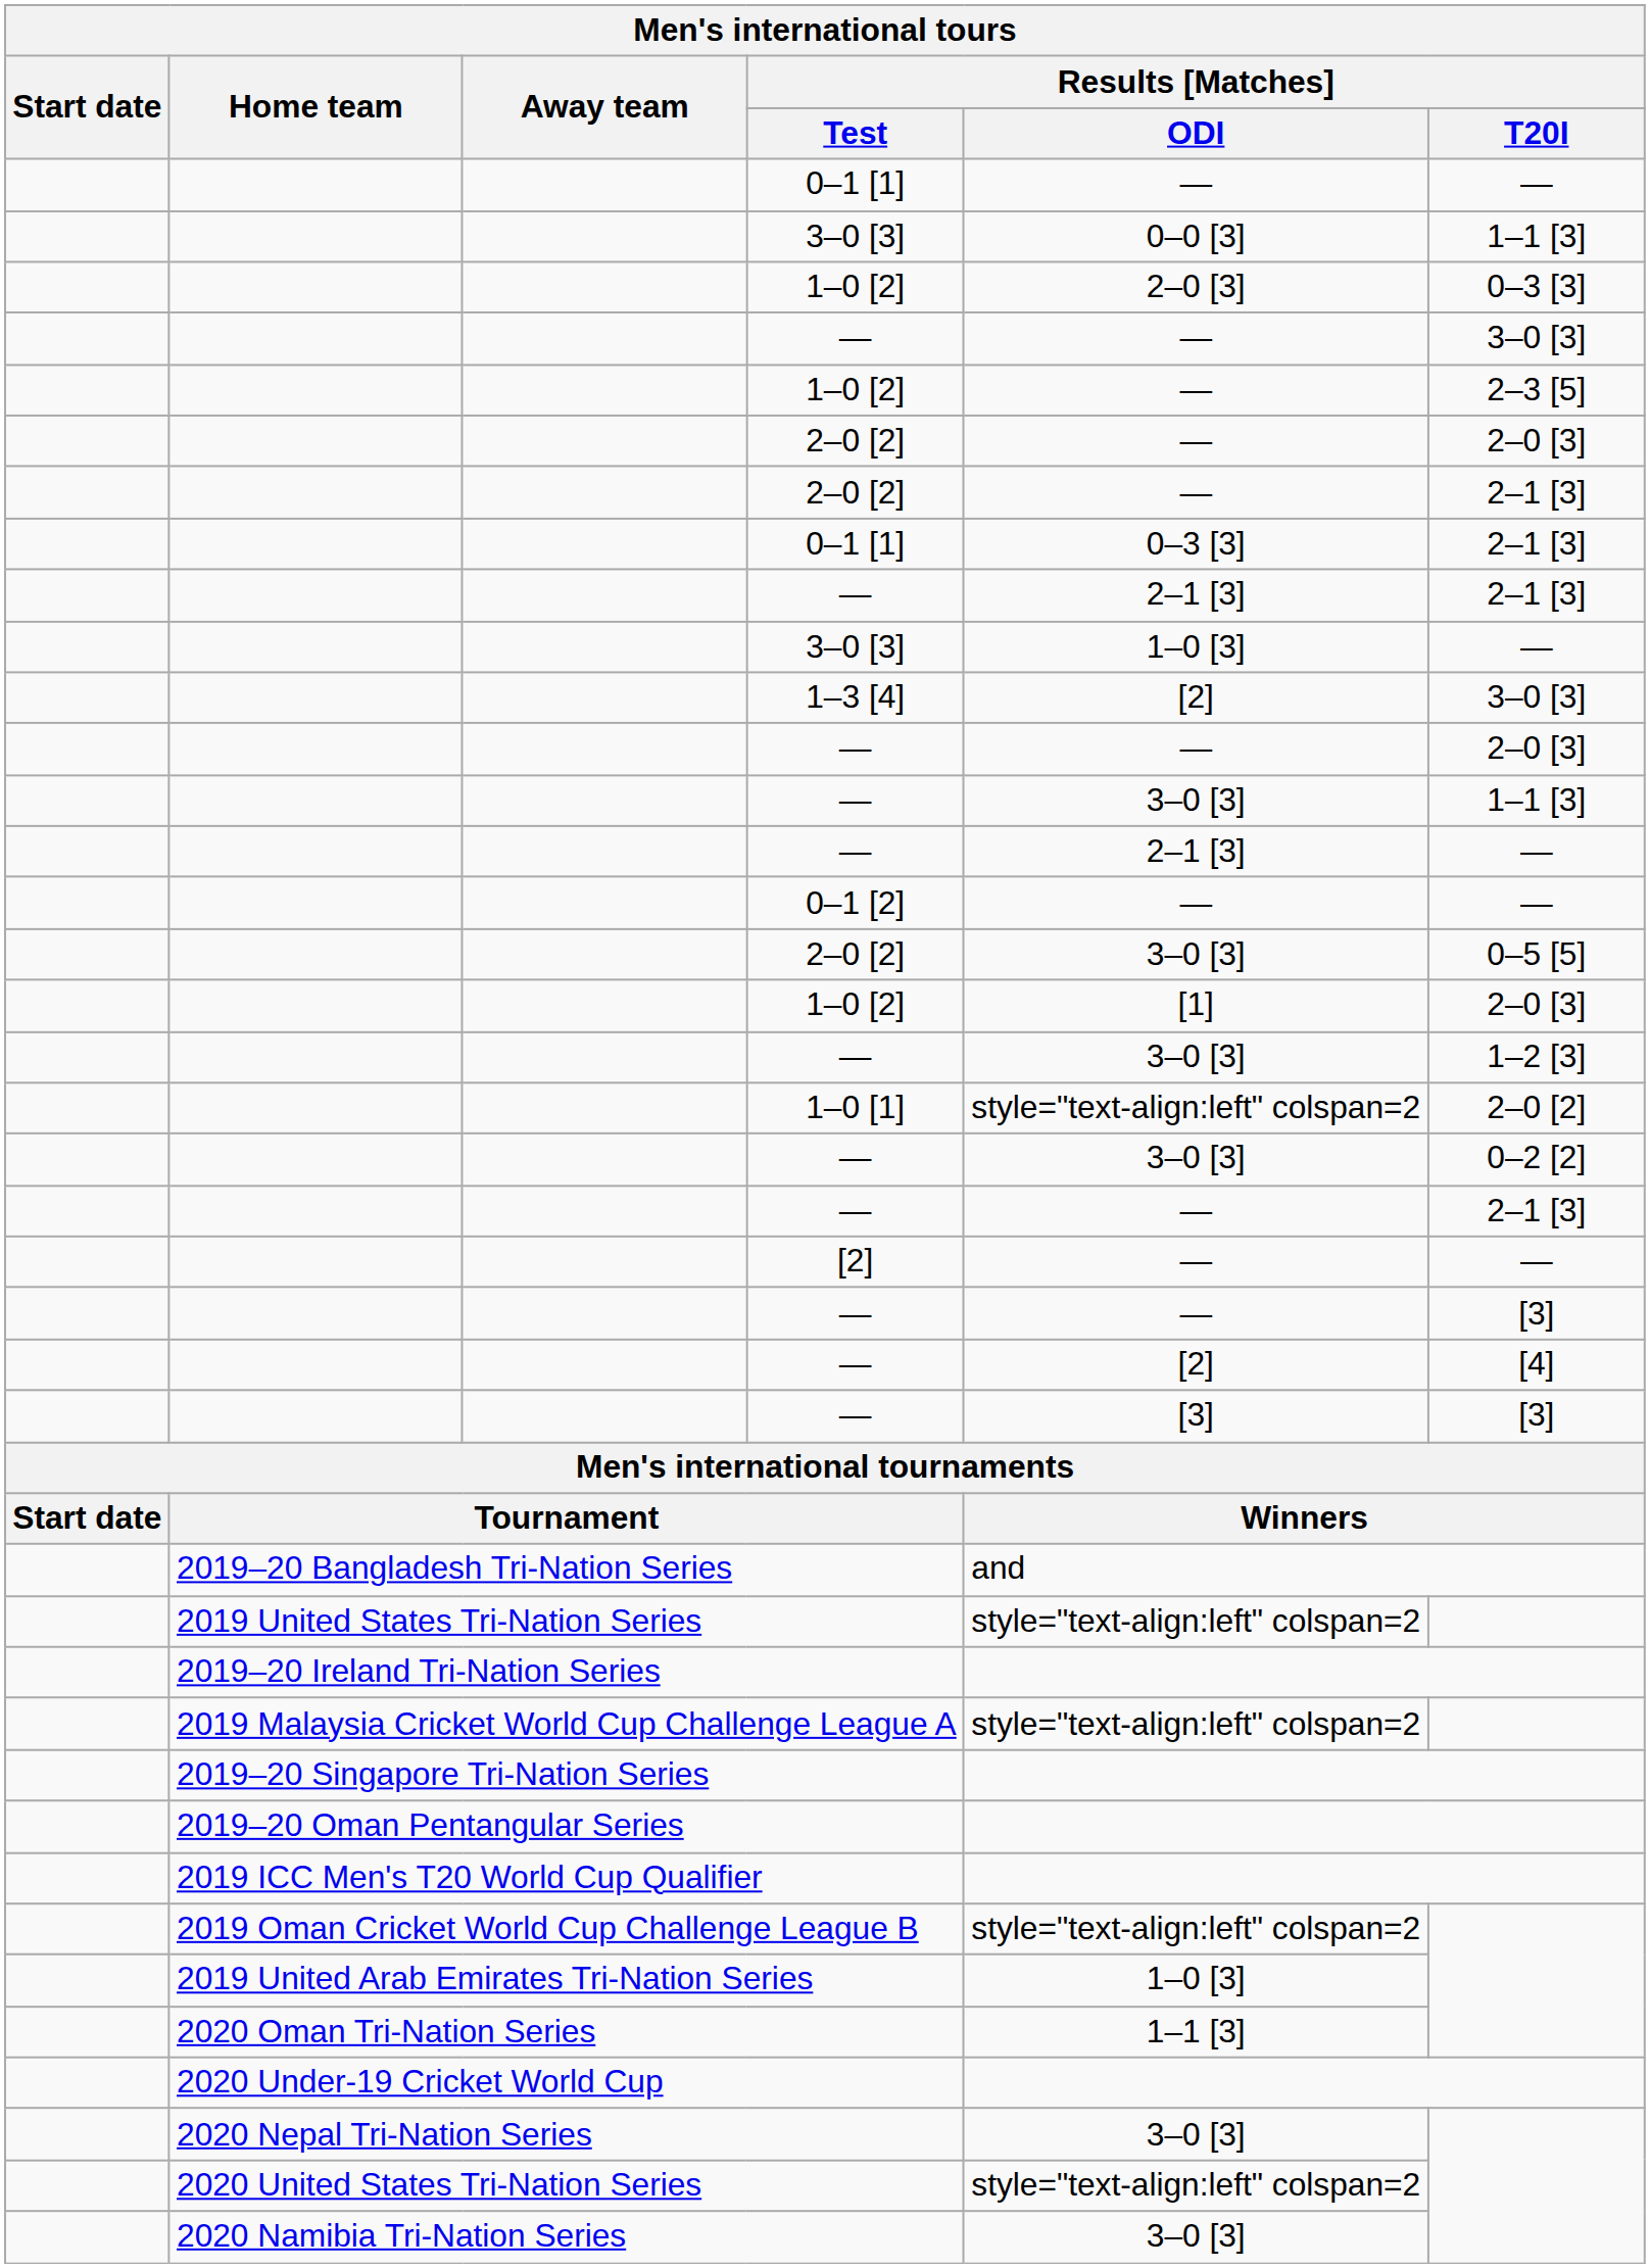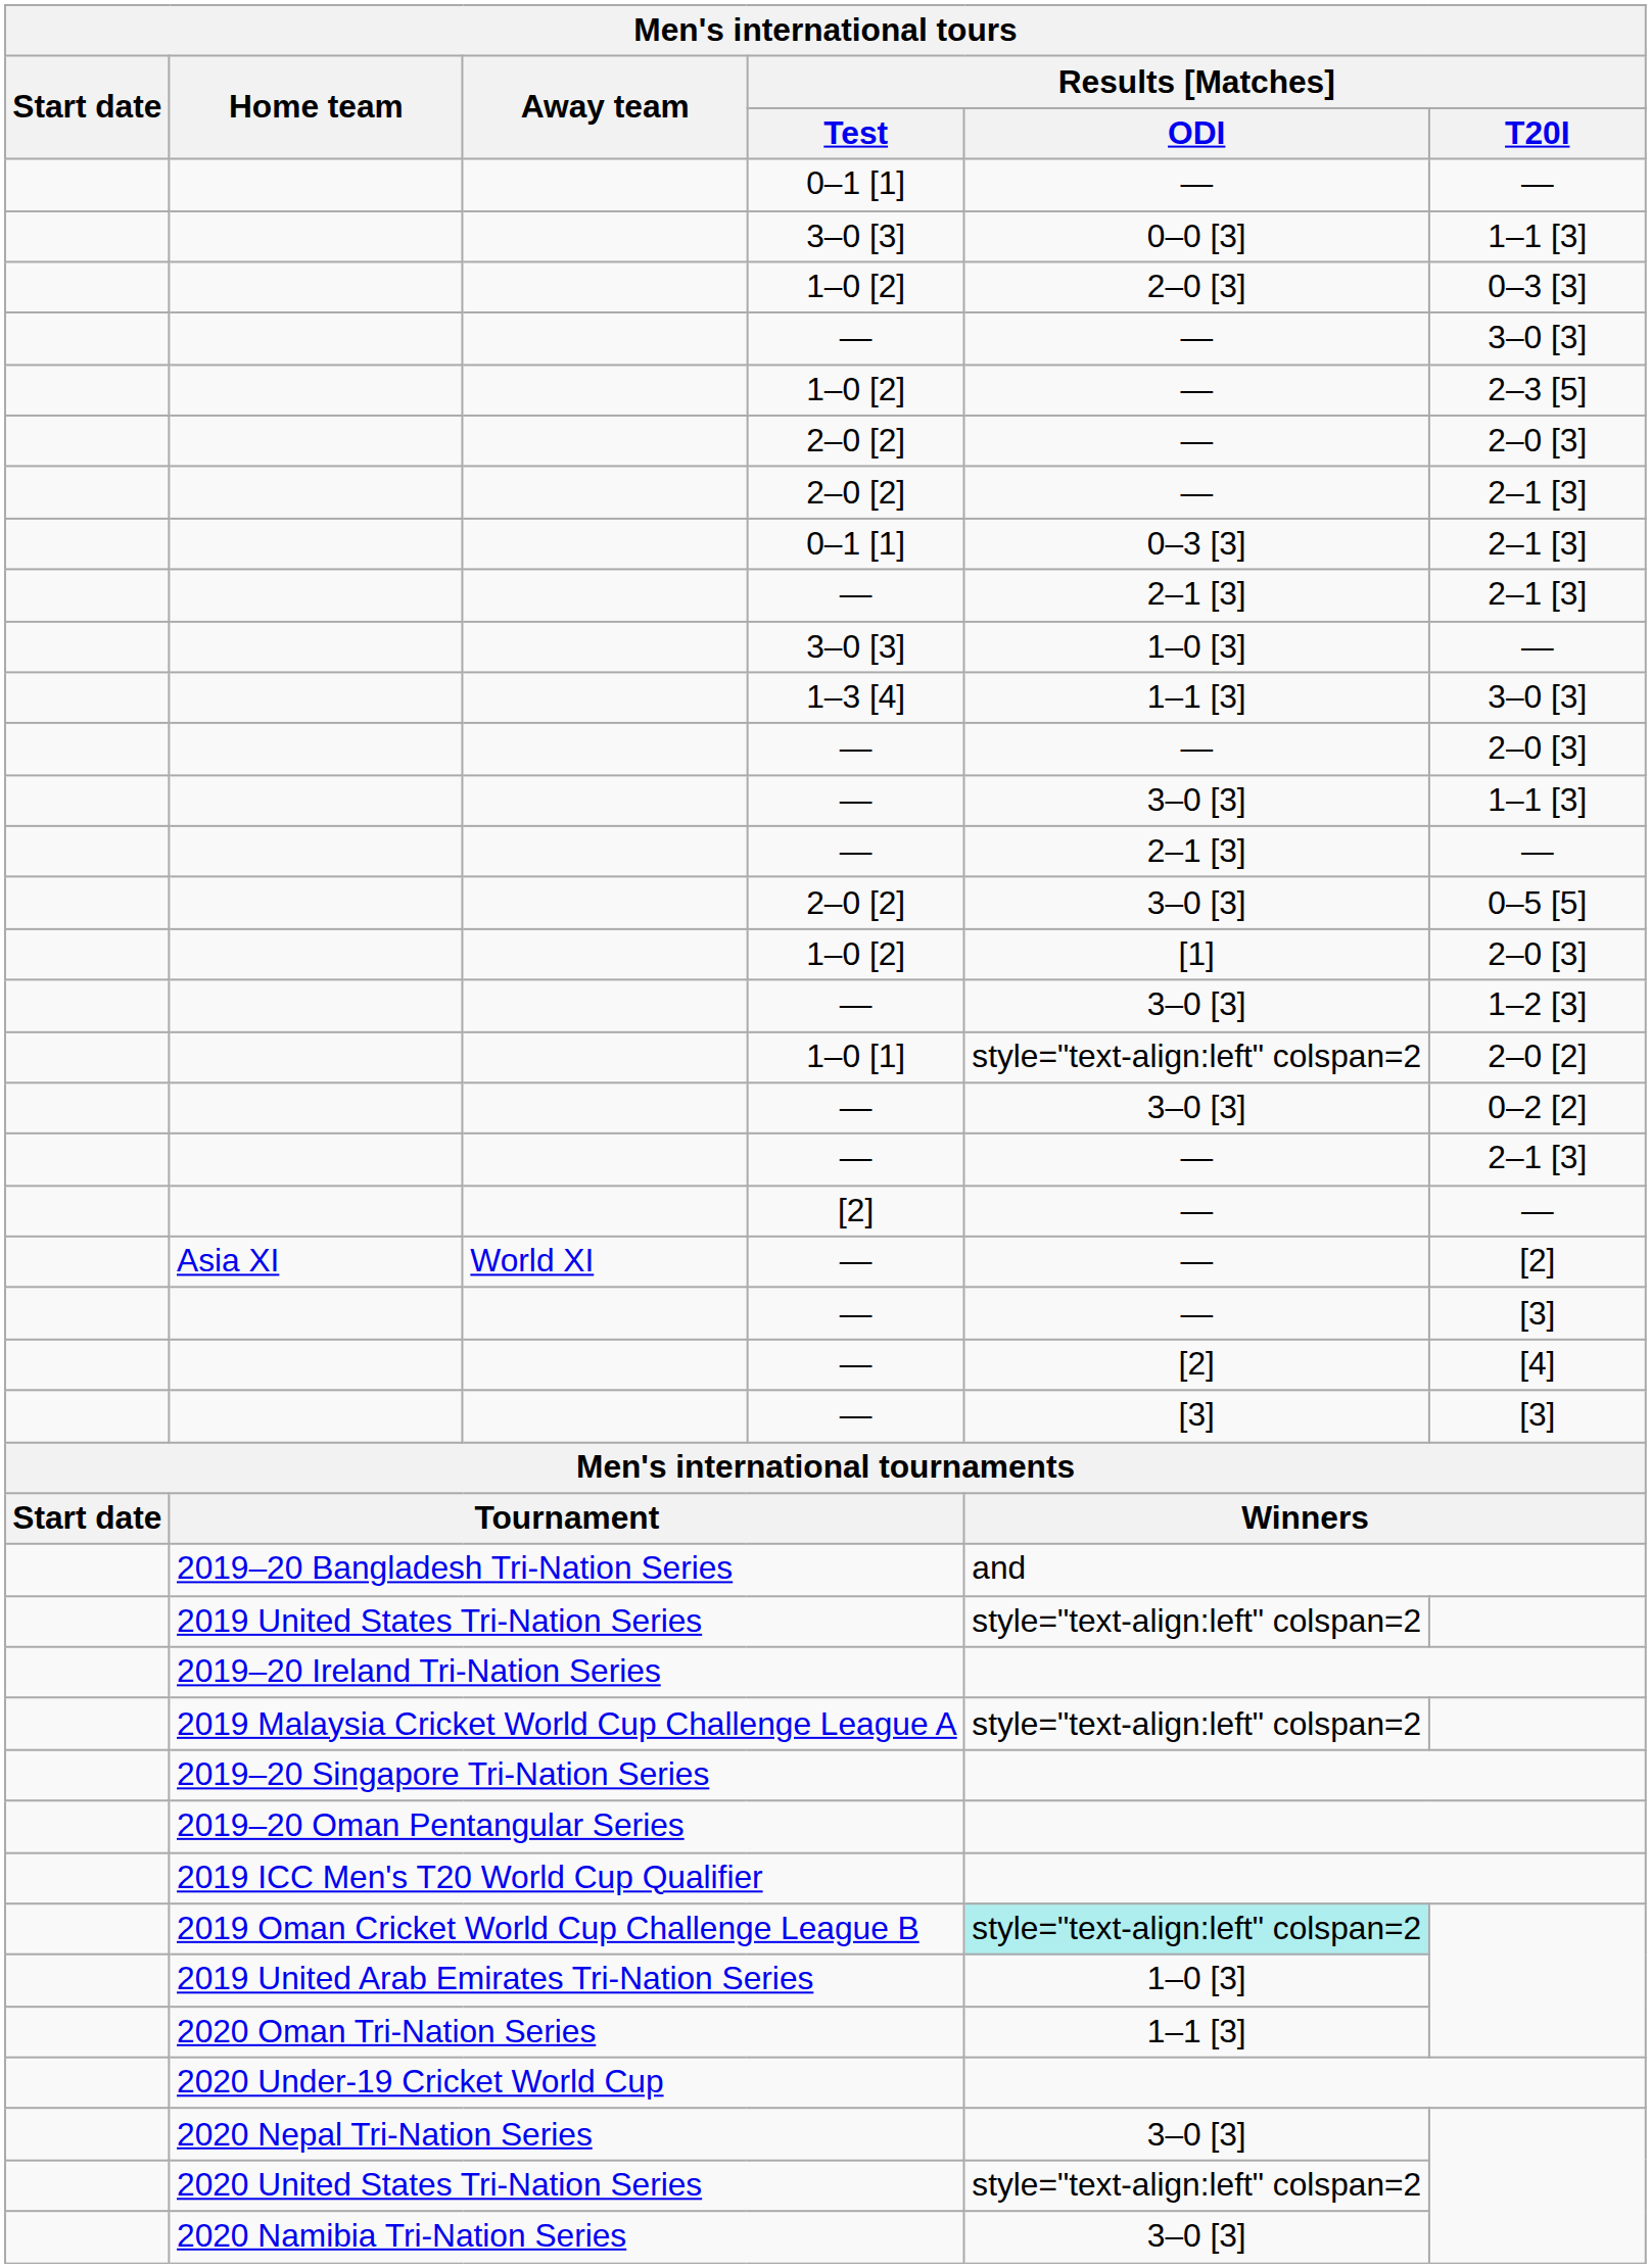 <table class="wikitable ubsortable" style="text-align:center; white-space:nowrap">
 <tr>
 <th colspan="6">Men's international tours</th>
 </tr>
 <tr>
 <th rowspan=2>Start date</th>
 <th rowspan=2>Home team</th>
 <th rowspan=2>Away team</th>
 <th colspan="3">Results [Matches]</th>
 </tr>
 <tr>
 <th width=100><a href='#'>Test</a></th>
 <th width=100><a href='#'>ODI</a></th>
 <th width=100><a href='#'>T20I</a></th>
 </tr>
 <tr>
 <td style="text-align:left"><a href='#'></a></td>
 <td style="text-align:left"></td>
 <td style="text-align:left"></td>
 <td>0–1 [1]</td>
 <td>—</td>
 <td>—</td>
 </tr>
 <tr>
 <td style="text-align:left"><a href='#'></a></td>
 <td style="text-align:left"></td>
 <td style="text-align:left"></td>
 <td>3–0 [3]</td>
 <td>0–0 [3]</td>
 <td>1–1 [3]</td>
 </tr>
 <tr>
 <td style="text-align:left"><a href='#'></a></td>
 <td style="text-align:left"></td>
 <td style="text-align:left"></td>
 <td>1–0 [2]</td>
 <td>2–0 [3]</td>
 <td>0–3 [3]</td>
 </tr>
 <tr>
 <td style="text-align:left"><a href='#'></a></td>
 <td style="text-align:left"></td>
 <td style="text-align:left"></td>
 <td>—</td>
 <td>—</td>
 <td>3–0 [3]</td>
 </tr>
 <tr>
 <td style="text-align:left"><a href='#'></a></td>
 <td style="text-align:left"></td>
 <td style="text-align:left"></td>
 <td>1–0 [2]</td>
 <td>—</td>
 <td>2–3 [5]</td>
 </tr>
 <tr>
 <td style="text-align:left"><a href='#'></a></td>
 <td style="text-align:left"></td>
 <td style="text-align:left"></td>
 <td>2–0 [2]</td>
 <td>—</td>
 <td>2–0 [3]</td>
 </tr>
 <tr>
 <td style="text-align:left"><a href='#'></a></td>
 <td style="text-align:left"></td>
 <td style="text-align:left"></td>
 <td>2–0 [2]</td>
 <td>—</td>
 <td>2–1 [3]</td>
 </tr>
 <tr>
 <td style="text-align:left"><a href='#'></a></td>
 <td style="text-align:left"> </td>
 <td style="text-align:left"></td>
 <td>0–1 [1]</td>
 <td>0–3 [3]</td>
 <td>2–1 [3]</td>
 </tr>
 <tr>
 <td style="text-align:left"><a href='#'></a></td>
 <td style="text-align:left"></td>
 <td style="text-align:left"></td>
 <td>—</td>
 <td>2–1 [3]</td>
 <td>2–1 [3]</td>
 </tr>
 <tr>
 <td style="text-align:left"><a href='#'></a></td>
 <td style="text-align:left"></td>
 <td style="text-align:left"></td>
 <td>3–0 [3]</td>
 <td>1–0 [3]</td>
 <td>—</td>
 </tr>
 <tr>
 <td style="text-align:left"><a href='#'></a></td>
 <td style="text-align:left"></td>
 <td style="text-align:left"></td>
 <td>1–3 [4]</td>
-<td>[2]</td>
+<td>1–1 [3]</td>
 <td>3–0 [3]</td>
 </tr>
 <tr>
 <td style="text-align:left"><a href='#'></a></td>
 <td style="text-align:left"></td>
 <td style="text-align:left"></td>
 <td>—</td>
 <td>—</td>
 <td>2–0 [3]</td>
 </tr>
 <tr>
 <td style="text-align:left"><a href='#'></a></td>
 <td style="text-align:left"></td>
 <td style="text-align:left"></td>
 <td>—</td>
 <td>3–0 [3]</td>
 <td>1–1 [3]</td>
 </tr>
 <tr>
 <td style="text-align:left"><a href='#'></a></td>
 <td style="text-align:left"></td>
 <td style="text-align:left"></td>
 <td>—</td>
 <td>2–1 [3]</td>
-<td>—</td>
-</tr>
-<tr>
-<td style="text-align:left"><a href='#'></a></td>
-<td style="text-align:left"></td>
-<td style="text-align:left"></td>
-<td>0–1 [2]</td>
-<td>—</td>
 <td>—</td>
 </tr>
 <tr>
 <td style="text-align:left"><a href='#'></a></td>
 <td style="text-align:left"></td>
 <td style="text-align:left"></td>
 <td>2–0 [2]</td>
 <td>3–0 [3]</td>
 <td>0–5 [5]</td>
 </tr>
 <tr>
 <td style="text-align:left"><a href='#'></a></td>
 <td style="text-align:left"></td>
 <td style="text-align:left"></td>
 <td>1–0 [2]</td>
 <td>[1]</td>
 <td>2–0 [3]</td>
 </tr>
 <tr>
 <td style="text-align:left"><a href='#'></a></td>
 <td style="text-align:left"></td>
 <td style="text-align:left"></td>
 <td>—</td>
 <td>3–0 [3]</td>
 <td>1–2 [3]</td>
 </tr>
 <tr>
 <td style="text-align:left"><a href='#'></a></td>
 <td style="text-align:left"></td>
 <td style="text-align:left"></td>
 <td>1–0 [1]</td>
 <td>style="text-align:left" colspan=2 </td>
 <td>2–0 [2]</td>
 </tr>
 <tr>
 <td style="text-align:left"><a href='#'></a></td>
 <td style="text-align:left"></td>
 <td style="text-align:left"></td>
 <td>—</td>
 <td>3–0 [3]</td>
 <td>0–2 [2]</td>
 </tr>
 <tr>
 <td style="text-align:left"><a href='#'></a></td>
 <td style="text-align:left"> </td>
 <td style="text-align:left"></td>
 <td>—</td>
 <td>—</td>
 <td>2–1 [3]</td>
 </tr>
 <tr>
 <td style="text-align:left"><a href='#'></a></td>
 <td style="text-align:left"></td>
 <td style="text-align:left"></td>
 <td>[2]</td>
 <td>—</td>
 <td>—</td>
+</tr>
+<tr>
+<td style="text-align:left"><a href='#'></a></td>
+<td style="text-align:left"><span><a href='#'>Asia XI</a></span></td>
+<td style="text-align:left"><a href='#'>World XI</a></td>
+<td>—</td>
+<td>—</td>
+<td>[2]</td>
 </tr>
 <tr>
 <td style="text-align:left"><a href='#'></a></td>
 <td style="text-align:left"></td>
 <td style="text-align:left"></td>
 <td>—</td>
 <td>—</td>
 <td>[3]</td>
 </tr>
 <tr>
 <td style="text-align:left"><a href='#'></a></td>
 <td style="text-align:left"></td>
 <td style="text-align:left"></td>
 <td>—</td>
 <td>[2]</td>
 <td>[4]</td>
 </tr>
 <tr>
 <td style="text-align:left"><a href='#'></a></td>
 <td style="text-align:left"></td>
 <td style="text-align:left"></td>
 <td>—</td>
 <td>[3]</td>
 <td>[3]</td>
 </tr>
 <tr>
 <th colspan="6">Men's international tournaments</th>
 </tr>
 <tr>
 <th>Start date</th>
 <th colspan=3>Tournament</th>
 <th colspan=2>Winners</th>
 </tr>
 <tr>
 <td style="text-align:left"><a href='#'></a></td>
 <td style="text-align:left" colspan=3> <a href='#'>2019–20 Bangladesh Tri-Nation Series</a></td>
 <td style="text-align:left" colspan=2> and </td>
 </tr>
 <tr>
 <td style="text-align:left"><a href='#'></a></td>
 <td style="text-align:left" colspan=3> <a href='#'>2019 United States Tri-Nation Series</a></td>
 <td>style="text-align:left" colspan=2 </td>
 </tr>
 <tr>
 <td style="text-align:left"><a href='#'></a></td>
 <td style="text-align:left" colspan=3> <a href='#'>2019–20 Ireland Tri-Nation Series</a></td>
 <td style="text-align:left" colspan=2></td>
 </tr>
 <tr>
 <td style="text-align:left"><a href='#'></a></td>
 <td style="text-align:left" colspan=3> <a href='#'>2019 Malaysia Cricket World Cup Challenge League A</a></td>
 <td>style="text-align:left" colspan=2 </td>
 </tr>
 <tr>
 <td style="text-align:left"><a href='#'></a></td>
 <td style="text-align:left" colspan=3> <a href='#'>2019–20 Singapore Tri-Nation Series</a></td>
 <td style="text-align:left" colspan=2></td>
 </tr>
 <tr>
 <td style="text-align:left"><a href='#'></a></td>
 <td style="text-align:left" colspan=3> <a href='#'>2019–20 Oman Pentangular Series</a></td>
 <td style="text-align:left" colspan=2></td>
 </tr>
 <tr>
 <td style="text-align:left"><a href='#'></a></td>
 <td style="text-align:left" colspan=3> <a href='#'>2019 ICC Men's T20 World Cup Qualifier</a></td>
 <td style="text-align:left" colspan=2></td>
 </tr>
 <tr>
 <td style="text-align:left"><a href='#'></a></td>
 <td style="text-align:left" colspan=3> <a href='#'>2019 Oman Cricket World Cup Challenge League B</a></td>
-<td>style="text-align:left" colspan=2 </td>
+<td style="background: paleturquoise;">style="text-align:left" colspan=2 </td>
 </tr>
 <tr>
 <td style="text-align:left"><a href='#'></a></td>
 <td style="text-align:left" colspan=3> <a href='#'>2019 United Arab Emirates Tri-Nation Series</a></td>
 <td>1–0 [3]</td>
 </tr>
 <tr>
 <td style="text-align:left"><a href='#'></a></td>
 <td style="text-align:left" colspan=3> <a href='#'>2020 Oman Tri-Nation Series</a></td>
 <td>1–1 [3]</td>
 </tr>
 <tr>
 <td style="text-align:left"><a href='#'></a></td>
 <td style="text-align:left" colspan=3> <a href='#'>2020 Under-19 Cricket World Cup</a></td>
 <td style="text-align:left" colspan=2></td>
 </tr>
 <tr>
 <td style="text-align:left"><a href='#'></a></td>
 <td style="text-align:left" colspan=3> <a href='#'>2020 Nepal Tri-Nation Series</a></td>
 <td>3–0 [3]</td>
 </tr>
 <tr>
 <td style="text-align:left"><a href='#'></a></td>
 <td style="text-align:left" colspan=3> <a href='#'>2020 United States Tri-Nation Series</a></td>
 <td>style="text-align:left" colspan=2 </td>
 </tr>
 <tr>
 <td style="text-align:left"><a href='#'></a></td>
 <td style="text-align:left" colspan=3> <a href='#'>2020 Namibia Tri-Nation Series</a></td>
 <td>3–0 [3]</td>
 </tr>
 </table>
